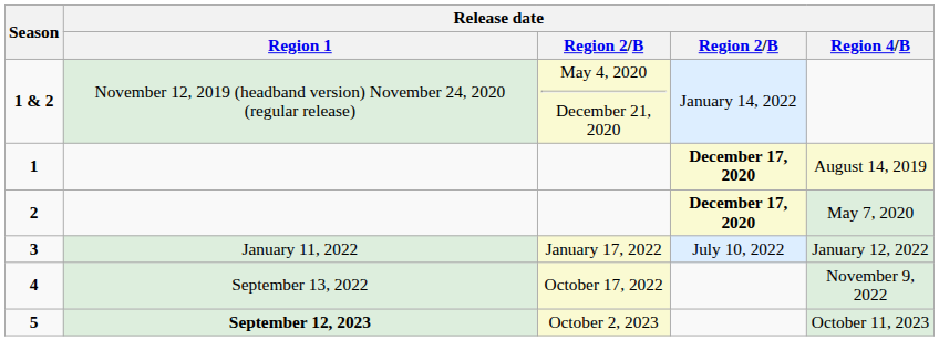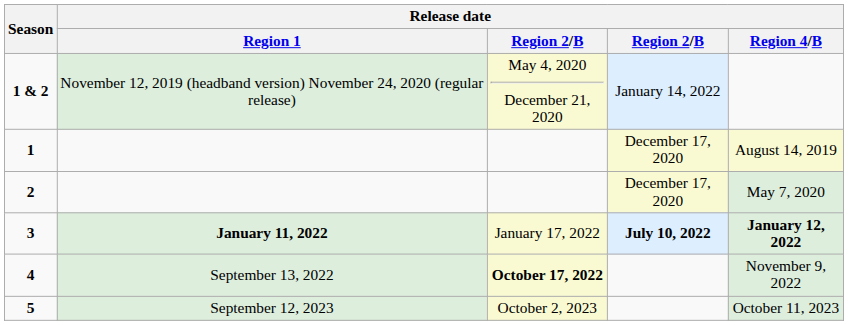 <table class="wikitable" style="width:99%; text-align:center;">
 <tr>
 <th rowspan="2">Season</th>
 <th colspan="4">Release date</th>
 </tr>
 <tr>
 <th><a href='#'>Region 1</a></th>
 <th><a href='#'>Region 2</a>/<a href='#'>B</a></th>
 <th><a href='#'>Region 2</a>/<a href='#'>B</a><br></th>
 <th><a href='#'>Region 4</a>/<a href='#'>B</a></th>
 </tr>
 <tr>
 <td><strong>1 & 2</strong></td>
 <td bgcolor="#DED">November 12, 2019 (headband version) November 24, 2020 (regular release)</td>
 <td bgcolor="#FAFAD2">May 4, 2020 <hr> December 21, 2020 </td>
 <td bgcolor="#DEF">January 14, 2022 </td>
 <td></td>
 </tr>
 <tr>
 <td><strong>1</strong></td>
 <td></td>
 <td></td>
-<td bgcolor="#FAFAD2"><strong>December 17, 2020</strong></td>
+<td bgcolor="#FAFAD2">December 17, 2020</td>
 <td bgcolor="#FAFAD2">August 14, 2019</td>
 </tr>
 <tr>
 <td><strong>2</strong></td>
 <td></td>
 <td></td>
-<td bgcolor="#FAFAD2"><strong>December 17, 2020</strong></td>
+<td bgcolor="#FAFAD2">December 17, 2020</td>
 <td bgcolor="#DED">May 7, 2020</td>
 </tr>
 <tr>
 <td><strong>3</strong></td>
-<td bgcolor="#DED">January 11, 2022</td>
+<td bgcolor="#DED"><strong>January 11, 2022</strong></td>
 <td bgcolor="#FAFAD2">January 17, 2022</td>
-<td bgcolor="#DEF">July 10, 2022 </td>
-<td bgcolor="#DED">January 12, 2022</td>
+<td bgcolor="#DEF"><strong>July 10, 2022 </strong></td>
+<td bgcolor="#DED"><strong>January 12, 2022</strong></td>
 </tr>
 <tr>
 <td><strong>4</strong></td>
 <td bgcolor="#DED">September 13, 2022</td>
-<td bgcolor="#FAFAD2">October 17, 2022</td>
+<td bgcolor="#FAFAD2"><strong>October 17, 2022</strong></td>
 <td></td>
 <td bgcolor="#DED">November 9, 2022</td>
 </tr>
 <tr>
 <td><strong>5</strong></td>
-<td bgcolor="#DED"><strong>September 12, 2023</strong></td>
+<td bgcolor="#DED">September 12, 2023</td>
 <td bgcolor="#FAFAD2">October 2, 2023</td>
 <td></td>
 <td bgcolor="#DED">October 11, 2023</td>
 </tr>
 </table>
